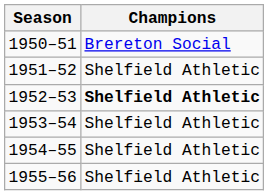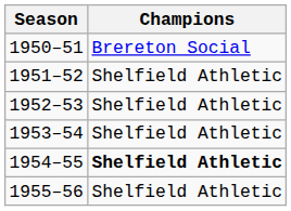 <table class=wikitable>
 <tr>
 <th>Season</th>
 <th>Champions</th>
 </tr>
 <tr>
 <td>1950–51</td>
 <td><a href='#'>Brereton Social</a></td>
 </tr>
 <tr>
 <td>1951–52</td>
 <td>Shelfield Athletic</td>
 </tr>
 <tr>
 <td>1952–53</td>
-<td><strong>Shelfield Athletic</strong></td>
+<td>Shelfield Athletic</td>
 </tr>
 <tr>
 <td>1953–54</td>
 <td>Shelfield Athletic</td>
 </tr>
 <tr>
 <td>1954–55</td>
-<td>Shelfield Athletic</td>
+<td><strong>Shelfield Athletic</strong></td>
 </tr>
 <tr>
 <td>1955–56</td>
 <td>Shelfield Athletic</td>
 </tr>
 </table>
